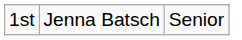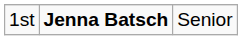 <table class="wikitable" border="1">
 <tr align=center>
 </tr>
 <tr>
 <td>1st</td>
-<td>Jenna Batsch</td>
+<td><strong>Jenna Batsch</strong></td>
 <td>Senior</td>
 </tr>
 <tr>
 </tr>
 </table>
